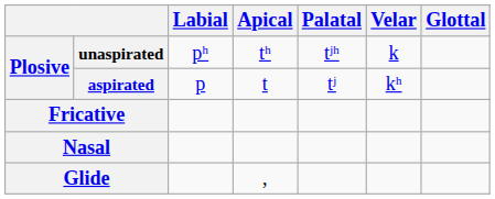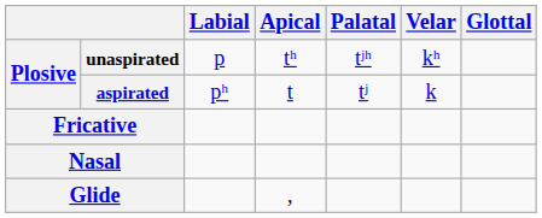 <table class="wikitable" style="text-align: center;">
 <tr>
 <th colspan="2"></th>
 <th><a href='#'>Labial</a></th>
 <th><a href='#'>Apical</a></th>
 <th><a href='#'>Palatal</a></th>
 <th><a href='#'>Velar</a></th>
 <th><a href='#'>Glottal</a></th>
 </tr>
 <tr>
 <th rowspan="2"><a href='#'>Plosive</a></th>
 <th><small>unaspirated</small></th>
-<td><a href='#'>pʰ</a></td>
+<td><a href='#'>p</a></td>
 <td><a href='#'>tʰ</a></td>
 <td><a href='#'>tʲʰ</a></td>
-<td><a href='#'>k</a></td>
+<td><a href='#'>kʰ</a></td>
 <td></td>
 </tr>
 <tr>
 <th><a href='#'><small>aspirated</small></a></th>
-<td><a href='#'>p</a></td>
+<td><a href='#'>pʰ</a></td>
 <td><a href='#'>t</a></td>
 <td><a href='#'>tʲ</a></td>
-<td><a href='#'>kʰ</a></td>
+<td><a href='#'>k</a></td>
 <td></td>
 </tr>
 <tr>
 <th colspan="2"><a href='#'>Fricative</a></th>
 <td></td>
 <td></td>
 <td></td>
 <td></td>
 <td></td>
 </tr>
 <tr>
 <th colspan="2"><a href='#'>Nasal</a></th>
 <td></td>
 <td></td>
 <td></td>
 <td></td>
 <td></td>
 </tr>
 <tr>
 <th colspan="2"><a href='#'>Glide</a></th>
 <td></td>
 <td>, </td>
 <td></td>
 <td></td>
 <td></td>
 </tr>
 </table>
